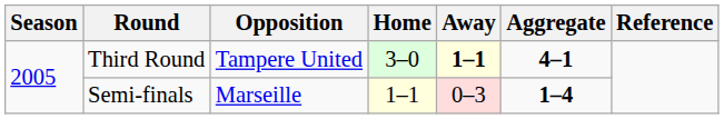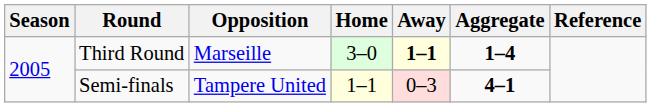 <table class="wikitable">
 <tr>
 <th>Season</th>
 <th>Round</th>
 <th>Opposition</th>
 <th>Home</th>
 <th>Away</th>
 <th>Aggregate</th>
 <th>Reference</th>
 </tr>
 <tr>
 <td rowspan=2><a href='#'>2005</a></td>
 <td>Third Round</td>
-<td> <a href='#'>Tampere United</a></td>
+<td> <a href='#'>Marseille</a></td>
 <td style="text-align:center; background:#dfd;">3–0</td>
 <td style="text-align:center; background:#ffd;"><strong>1–1</strong></td>
-<td style="text-align:center;"><strong>4–1</strong></td>
+<td style="text-align:center;"><strong>1–4</strong></td>
 <td rowspan="2" style="text-align:center;"></td>
 </tr>
 <tr>
 <td>Semi-finals</td>
-<td> <a href='#'>Marseille</a></td>
+<td> <a href='#'>Tampere United</a></td>
 <td style="text-align:center; background:#ffd;">1–1</td>
 <td style="text-align:center; background:#fdd;">0–3</td>
-<td style="text-align:center;"><strong>1–4</strong></td>
+<td style="text-align:center;"><strong>4–1</strong></td>
 </tr>
 </table>
